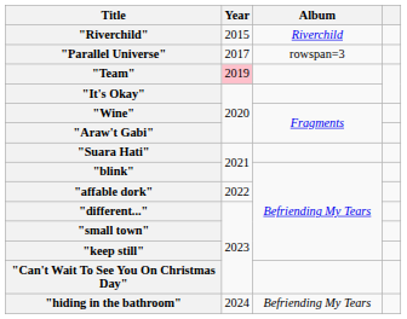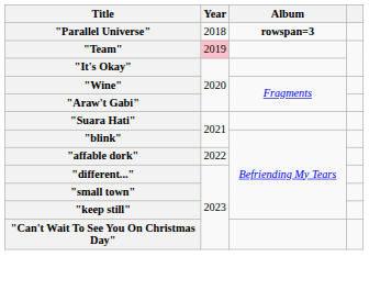 <table class="wikitable plainrowheaders" style="text-align:center;">
 <tr>
 <th scope="col" style="width:17em;">Title</th>
 <th scope="col">Year</th>
 <th scope="col" style="width:10em;">Album</th>
 <th scope="col" class="unsortable" style="width:1em;"></th>
 </tr>
 <tr>
-<th scope="row">"Riverchild"</th>
-<td>2015</td>
-<td><em><a href='#'>Riverchild</a></em></td>
-<td></td>
-</tr>
-<tr>
 <th scope="row">"Parallel Universe"</th>
-<td>2017</td>
-<td>rowspan=3 </td>
+<td>2018</td>
+<td><strong>rowspan=3 </strong></td>
 <td></td>
 </tr>
 <tr>
 <th scope="row">"Team"</th>
 <td style="background: pink;">2019</td>
 <td></td>
 </tr>
 <tr>
 <th scope="row">"It's Okay"</th>
 <td rowspan=3>2020</td>
 <td></td>
 </tr>
 <tr>
 <th scope="row">"Wine"</th>
 <td rowspan=2><em><a href='#'>Fragments</a></em></td>
 <td></td>
 </tr>
 <tr>
 <th scope="row">"Araw't Gabi"</th>
 <td></td>
 </tr>
 <tr>
 <th scope="row">"Suara Hati" </th>
 <td rowspan=2>2021</td>
 <td></td>
 <td></td>
 </tr>
 <tr>
 <th scope="row">"blink"</th>
 <td rowspan=5><em><a href='#'>Befriending My Tears</a></em></td>
 <td></td>
 </tr>
 <tr>
 <th scope="row">"affable dork"</th>
 <td>2022</td>
 <td></td>
 </tr>
 <tr>
 <th scope="row">"different..."</th>
 <td rowspan=4>2023</td>
 <td></td>
 </tr>
 <tr>
 <th scope="row">"small town"</th>
 <td></td>
 </tr>
 <tr>
 <th scope="row">"keep still"</th>
 <td></td>
 </tr>
 <tr>
 <th scope="row">"Can't Wait To See You On Christmas Day"</th>
 <td></td>
 <td></td>
 </tr>
-<tr>
-<th scope="row">"hiding in the bathroom"</th>
-<td>2024</td>
-<td><em>Befriending My Tears</em></td>
-<td></td>
-</tr>
 </table>
